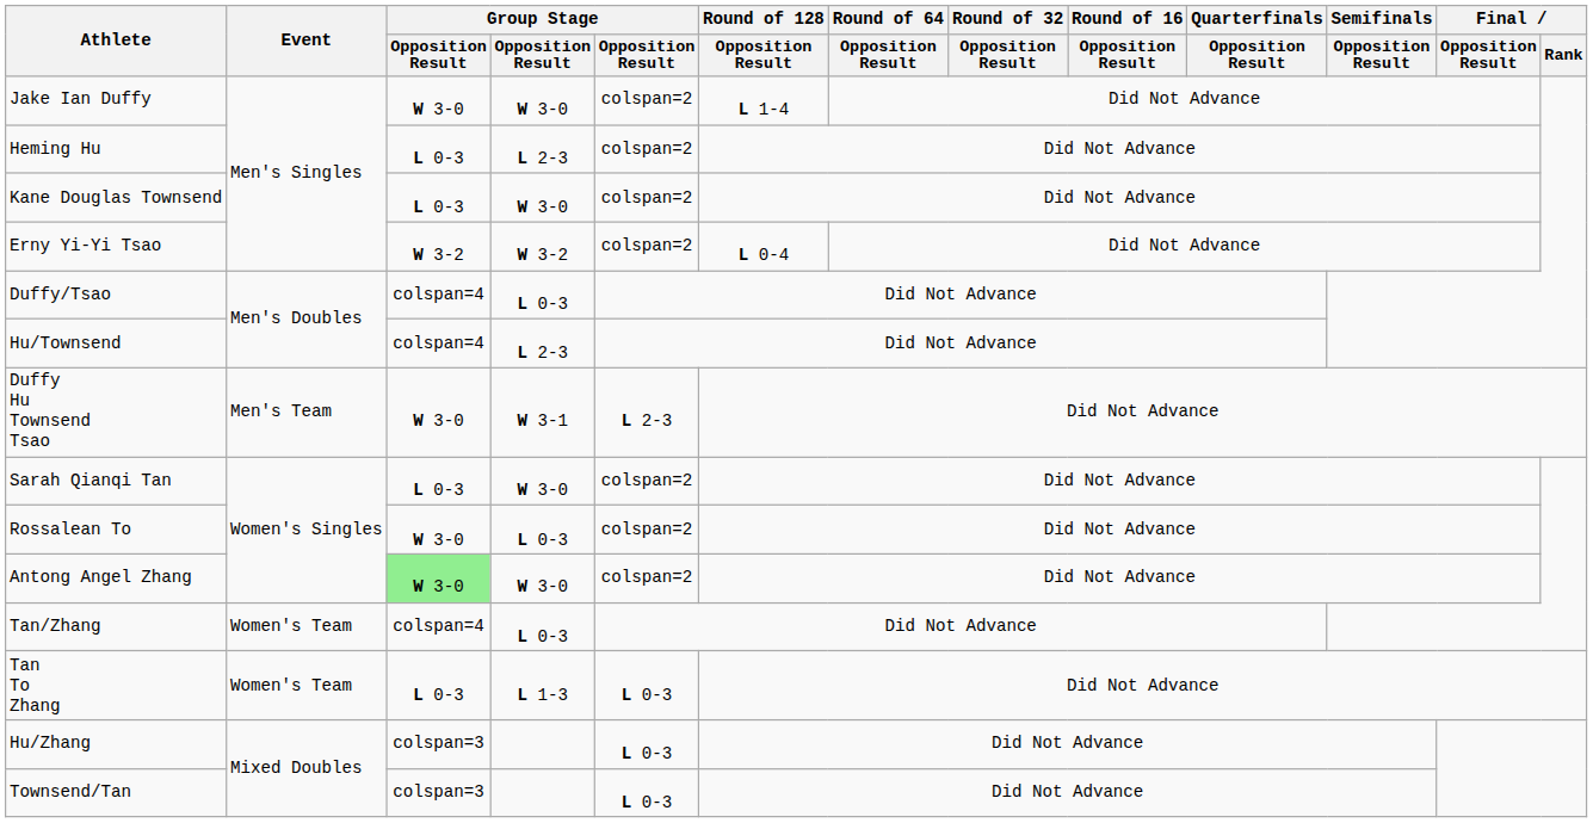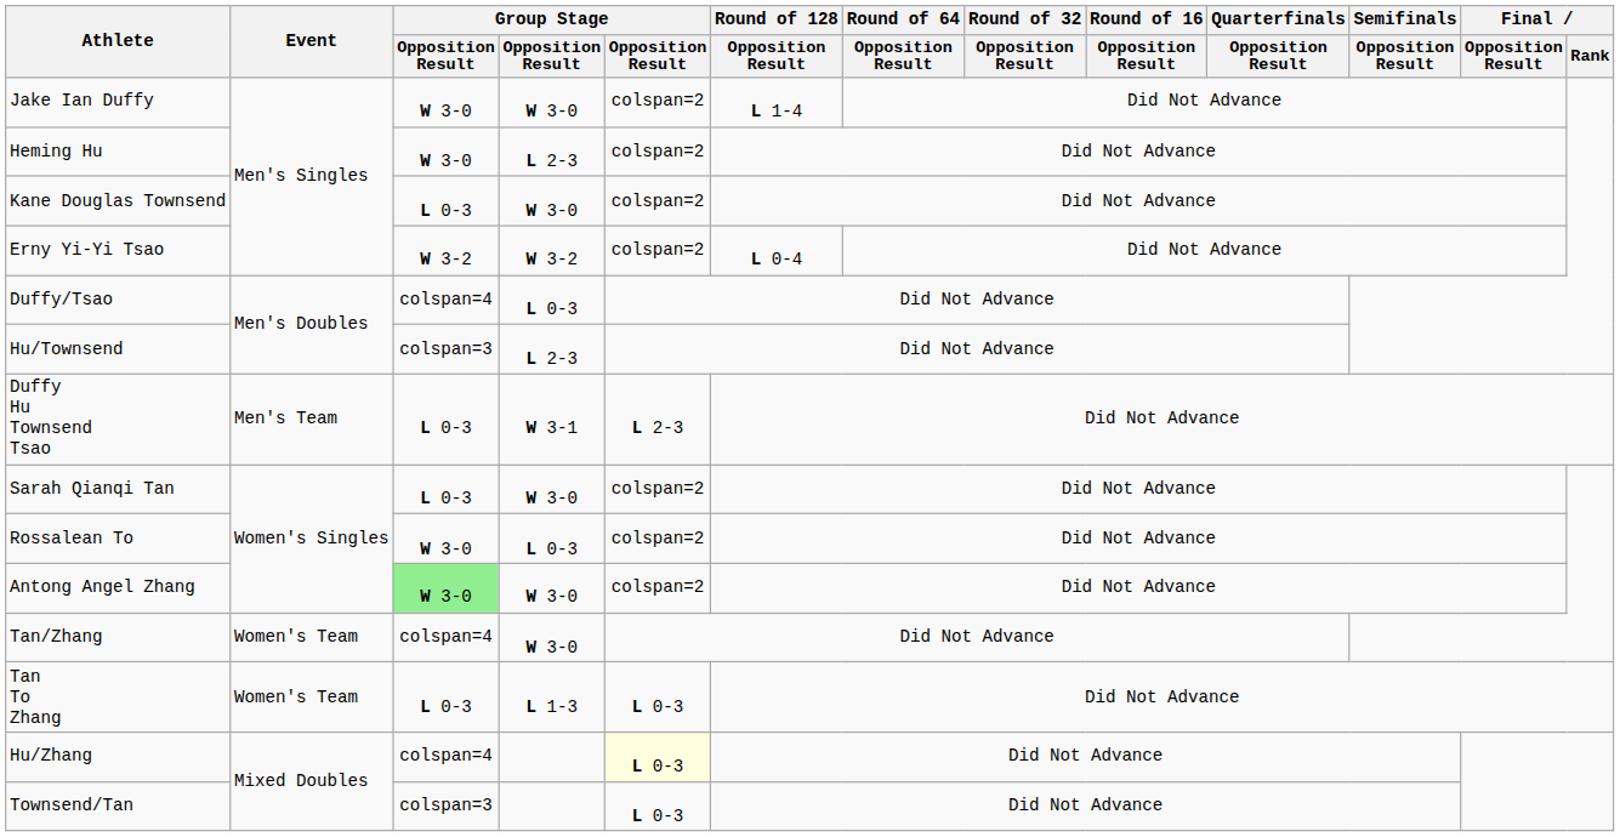 <table class="wikitable" style="font-size:90%;">
 <tr>
 <th rowspan=2>Athlete</th>
 <th rowspan=2>Event</th>
 <th colspan=3>Group Stage</th>
 <th>Round of 128</th>
 <th>Round of 64</th>
 <th>Round of 32</th>
 <th>Round of 16</th>
 <th>Quarterfinals</th>
 <th>Semifinals</th>
 <th colspan=2>Final / </th>
 </tr>
 <tr style="font-size:95%">
 <th>Opposition<br>Result</th>
 <th>Opposition<br>Result</th>
 <th>Opposition<br>Result</th>
 <th>Opposition<br>Result</th>
 <th>Opposition<br>Result</th>
 <th>Opposition<br>Result</th>
 <th>Opposition<br>Result</th>
 <th>Opposition<br>Result</th>
 <th>Opposition<br>Result</th>
 <th>Opposition<br>Result</th>
 <th>Rank</th>
 </tr>
 <tr align=center>
 <td align=left>Jake Ian Duffy</td>
 <td align=left rowspan=4>Men's Singles</td>
 <td><br><strong>W</strong> 3-0</td>
 <td><br><strong>W</strong> 3-0</td>
 <td>colspan=2 </td>
 <td><br><strong>L</strong> 1-4</td>
 <td colspan=6>Did Not Advance</td>
 </tr>
 <tr align=center>
 <td align=left>Heming Hu</td>
-<td><br><strong>L</strong> 0-3</td>
+<td><br><strong>W</strong> 3-0</td>
 <td><br><strong>L</strong> 2-3</td>
 <td>colspan=2 </td>
 <td colspan=7>Did Not Advance</td>
 </tr>
 <tr align=center>
 <td align=left>Kane Douglas Townsend</td>
 <td><br><strong>L</strong> 0-3</td>
 <td><br><strong>W</strong> 3-0</td>
 <td>colspan=2 </td>
 <td colspan=7>Did Not Advance</td>
 </tr>
 <tr align=center>
 <td align=left>Erny Yi-Yi Tsao</td>
 <td><br><strong>W</strong> 3-2</td>
 <td><br><strong>W</strong> 3-2</td>
 <td>colspan=2 </td>
 <td><br><strong>L</strong> 0-4</td>
 <td colspan=6>Did Not Advance</td>
 </tr>
 <tr align=center>
 <td align=left>Duffy/Tsao</td>
 <td align=left rowspan=2>Men's Doubles</td>
 <td>colspan=4 </td>
 <td><br><strong>L</strong> 0-3</td>
 <td colspan=6>Did Not Advance</td>
 </tr>
 <tr align=center>
 <td align=left>Hu/Townsend</td>
-<td>colspan=4 </td>
+<td>colspan=3 </td>
 <td><br><strong>L</strong> 2-3</td>
 <td colspan=6>Did Not Advance</td>
 </tr>
 <tr align=center>
 <td align=left>Duffy<br>Hu<br>Townsend<br>Tsao</td>
 <td align=left>Men's Team</td>
-<td><br><strong>W</strong> 3-0</td>
+<td><br><strong>L</strong> 0-3</td>
 <td><br><strong>W</strong> 3-1</td>
 <td><br><strong>L</strong> 2-3</td>
 <td colspan=8>Did Not Advance</td>
 </tr>
 <tr align=center>
 <td align=left>Sarah Qianqi Tan</td>
 <td align=left rowspan=3>Women's Singles</td>
 <td><br><strong>L</strong> 0-3</td>
 <td><br><strong>W</strong> 3-0</td>
 <td>colspan=2 </td>
 <td colspan=7>Did Not Advance</td>
 </tr>
 <tr align=center>
 <td align=left>Rossalean To</td>
 <td><br><strong>W</strong> 3-0</td>
 <td><br><strong>L</strong> 0-3</td>
 <td>colspan=2 </td>
 <td colspan=7>Did Not Advance</td>
 </tr>
 <tr align=center>
 <td align=left>Antong Angel Zhang</td>
 <td style="background: lightgreen;"><br><strong>W</strong> 3-0</td>
 <td><br><strong>W</strong> 3-0</td>
 <td>colspan=2 </td>
 <td colspan=7>Did Not Advance</td>
 </tr>
 <tr align=center>
 <td align=left>Tan/Zhang</td>
 <td align=left>Women's Team</td>
 <td>colspan=4 </td>
-<td><br><strong>L</strong> 0-3</td>
+<td><br><strong>W</strong> 3-0</td>
 <td colspan=6>Did Not Advance</td>
 </tr>
 <tr align=center>
 <td align=left>Tan<br>To<br>Zhang</td>
 <td align=left>Women's Team</td>
 <td><br><strong>L</strong> 0-3</td>
 <td><br><strong>L</strong> 1-3</td>
 <td><br><strong>L</strong> 0-3</td>
 <td colspan=8>Did Not Advance</td>
 </tr>
 <tr align=center>
 <td align=left>Hu/Zhang</td>
 <td align=left rowspan=2>Mixed Doubles</td>
-<td>colspan=3 </td>
+<td>colspan=4 </td>
 <td></td>
-<td><br><strong>L</strong> 0-3</td>
+<td style="background: lightyellow;"><br><strong>L</strong> 0-3</td>
 <td colspan=6>Did Not Advance</td>
 </tr>
 <tr align=center>
 <td align=left>Townsend/Tan</td>
 <td>colspan=3 </td>
 <td></td>
 <td><br><strong>L</strong> 0-3</td>
 <td colspan=6>Did Not Advance</td>
 </tr>
 </table>
